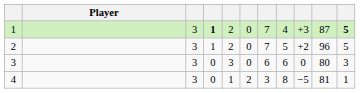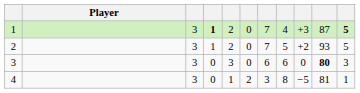 <table class="wikitable" style="text-align:center; margin: 1em auto 1em auto, align:left">
 <tr>
 <th width=20></th>
 <th width=240>Player</th>
 <th width=20></th>
 <th width=20></th>
 <th width=20></th>
 <th width=20></th>
 <th width=20></th>
 <th width=20></th>
 <th width=20></th>
 <th width=30></th>
 <th width=20></th>
 </tr>
 <tr style="background:#D0F0C0;">
 <td>1</td>
 <td align=left></td>
 <td>3</td>
 <td><strong>1</strong></td>
 <td>2</td>
 <td>0</td>
 <td>7</td>
 <td>4</td>
 <td>+3</td>
 <td>87</td>
 <td><strong>5</strong></td>
 </tr>
 <tr style=>
 <td>2</td>
 <td align=left></td>
 <td>3</td>
 <td>1</td>
 <td>2</td>
 <td>0</td>
 <td>7</td>
 <td>5</td>
 <td>+2</td>
-<td>96</td>
+<td>93</td>
 <td>5</td>
 </tr>
 <tr style=>
 <td>3</td>
 <td align=left></td>
 <td>3</td>
 <td>0</td>
 <td>3</td>
 <td>0</td>
 <td>6</td>
 <td>6</td>
 <td>0</td>
-<td>80</td>
+<td><strong>80</strong></td>
 <td>3</td>
 </tr>
 <tr style=>
 <td>4</td>
 <td align=left></td>
 <td>3</td>
 <td>0</td>
 <td>1</td>
 <td>2</td>
 <td>3</td>
 <td>8</td>
 <td>−5</td>
 <td>81</td>
 <td>1</td>
 </tr>
 </table>
